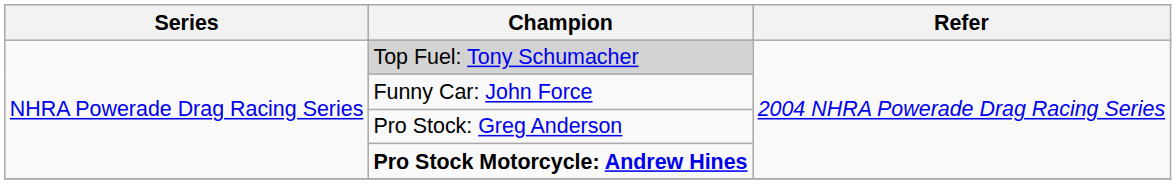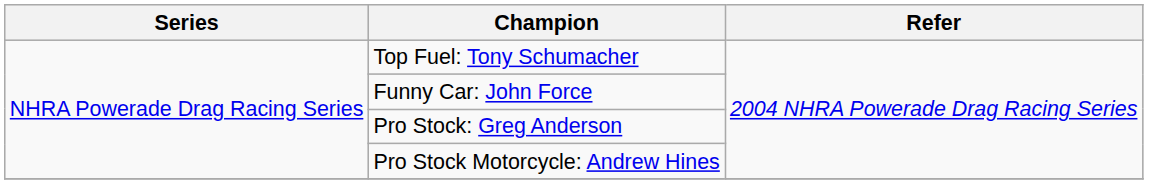 <table class="wikitable" style="font-size:87%;">
 <tr>
 <th>Series</th>
 <th>Champion</th>
 <th>Refer</th>
 </tr>
 <tr>
 <td rowspan=4><a href='#'>NHRA Powerade Drag Racing Series</a></td>
-<td style="background: lightgrey;">Top Fuel:  <a href='#'>Tony Schumacher</a></td>
+<td>Top Fuel:  <a href='#'>Tony Schumacher</a></td>
 <td rowspan=4><em><a href='#'>2004 NHRA Powerade Drag Racing Series</a></em></td>
 </tr>
 <tr>
 <td>Funny Car:  <a href='#'>John Force</a></td>
 </tr>
 <tr>
 <td>Pro Stock:  <a href='#'>Greg Anderson</a></td>
 </tr>
 <tr>
-<td><strong>Pro Stock Motorcycle:  <a href='#'>Andrew Hines</a></strong></td>
+<td>Pro Stock Motorcycle:  <a href='#'>Andrew Hines</a></td>
 </tr>
 <tr>
 </tr>
 </table>
